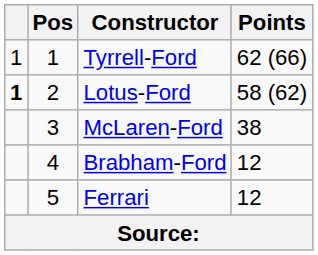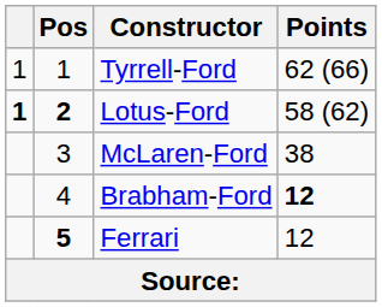 <table class="wikitable" style="font-size: 95%;">
 <tr>
 <th></th>
 <th>Pos</th>
 <th>Constructor</th>
 <th>Points</th>
 </tr>
 <tr>
 <td align="left"> 1</td>
 <td align="center">1</td>
 <td> <a href='#'>Tyrrell</a>-<a href='#'>Ford</a></td>
 <td align="left">62 (66)</td>
 </tr>
 <tr>
 <td align="left"><strong> 1</strong></td>
-<td align="center">2</td>
+<td align="center"><strong>2</strong></td>
 <td> <a href='#'>Lotus</a>-<a href='#'>Ford</a></td>
 <td align="left">58 (62)</td>
 </tr>
 <tr>
 <td align="left"></td>
 <td align="center">3</td>
 <td> <a href='#'>McLaren</a>-<a href='#'>Ford</a></td>
 <td align="left">38</td>
 </tr>
 <tr>
 <td align="left"></td>
 <td align="center">4</td>
 <td> <a href='#'>Brabham</a>-<a href='#'>Ford</a></td>
-<td align="left">12</td>
+<td align="left"><strong>12</strong></td>
 </tr>
 <tr>
 <td align="left"></td>
-<td align="center">5</td>
+<td align="center"><strong>5</strong></td>
 <td> <a href='#'>Ferrari</a></td>
 <td align="left">12</td>
 </tr>
 <tr>
 <th colspan=4>Source: </th>
 </tr>
 </table>
